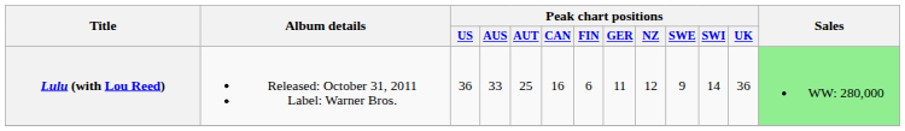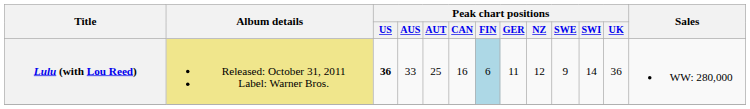 <table class="wikitable plainrowheaders" style="text-align:center;" border="1">
 <tr>
 <th scope="col" rowspan="2" style="width:14em;">Title</th>
 <th scope="col" rowspan="2" style="width:18em;">Album details</th>
 <th scope="col" colspan="10">Peak chart positions</th>
 <th scope="col" rowspan="2" style="width:10em;">Sales</th>
 </tr>
 <tr>
 <th scope="col" style="width:2em;font-size:90%;"><a href='#'>US</a><br></th>
 <th scope="col" style="width:2em;font-size:90%;"><a href='#'>AUS</a><br></th>
 <th scope="col" style="width:2em;font-size:90%;"><a href='#'>AUT</a><br></th>
 <th scope="col" style="width:2em;font-size:90%;"><a href='#'>CAN</a><br></th>
 <th scope="col" style="width:2em;font-size:90%;"><a href='#'>FIN</a><br></th>
 <th scope="col" style="width:2em;font-size:90%;"><a href='#'>GER</a><br></th>
 <th scope="col" style="width:2em;font-size:90%;"><a href='#'>NZ</a><br></th>
 <th scope="col" style="width:2em;font-size:90%;"><a href='#'>SWE</a><br></th>
 <th scope="col" style="width:2em;font-size:90%;"><a href='#'>SWI</a><br></th>
 <th scope="col" style="width:2em;font-size:90%;"><a href='#'>UK</a><br></th>
 </tr>
 <tr>
 <th scope="row"><em><a href='#'>Lulu</a></em> <span>(with <a href='#'>Lou Reed</a>)</span></th>
-<td><br><ul><li>Released: October 31, 2011</li><li>Label: Warner Bros.</li></ul></td>
-<td>36</td>
+<td style="background: khaki;"><br><ul><li>Released: October 31, 2011</li><li>Label: Warner Bros.</li></ul></td>
+<td><strong>36</strong></td>
 <td>33</td>
 <td>25</td>
 <td>16</td>
-<td>6</td>
+<td style="background: lightblue;">6</td>
 <td>11</td>
 <td>12</td>
 <td>9</td>
 <td>14</td>
 <td>36</td>
-<td style="background: lightgreen;"><br><ul><li>WW: 280,000</li></ul></td>
+<td><br><ul><li>WW: 280,000</li></ul></td>
 </tr>
 <tr>
 </tr>
 </table>
